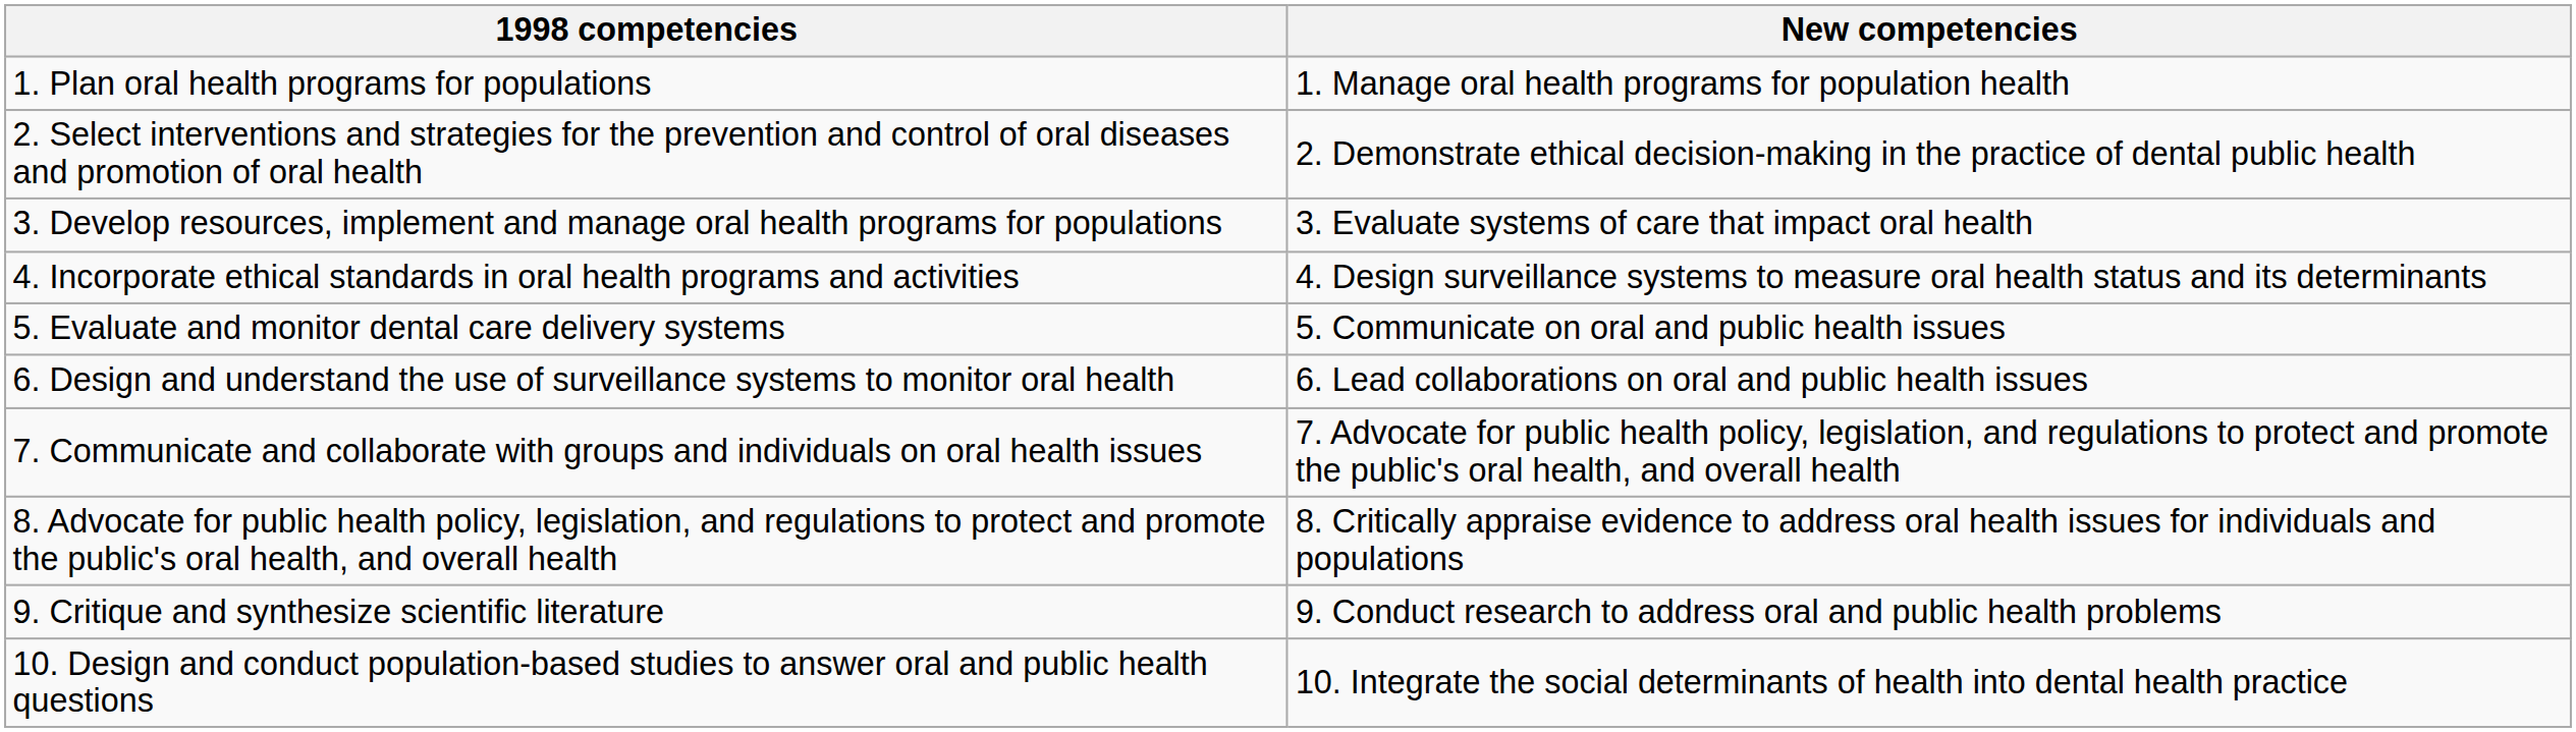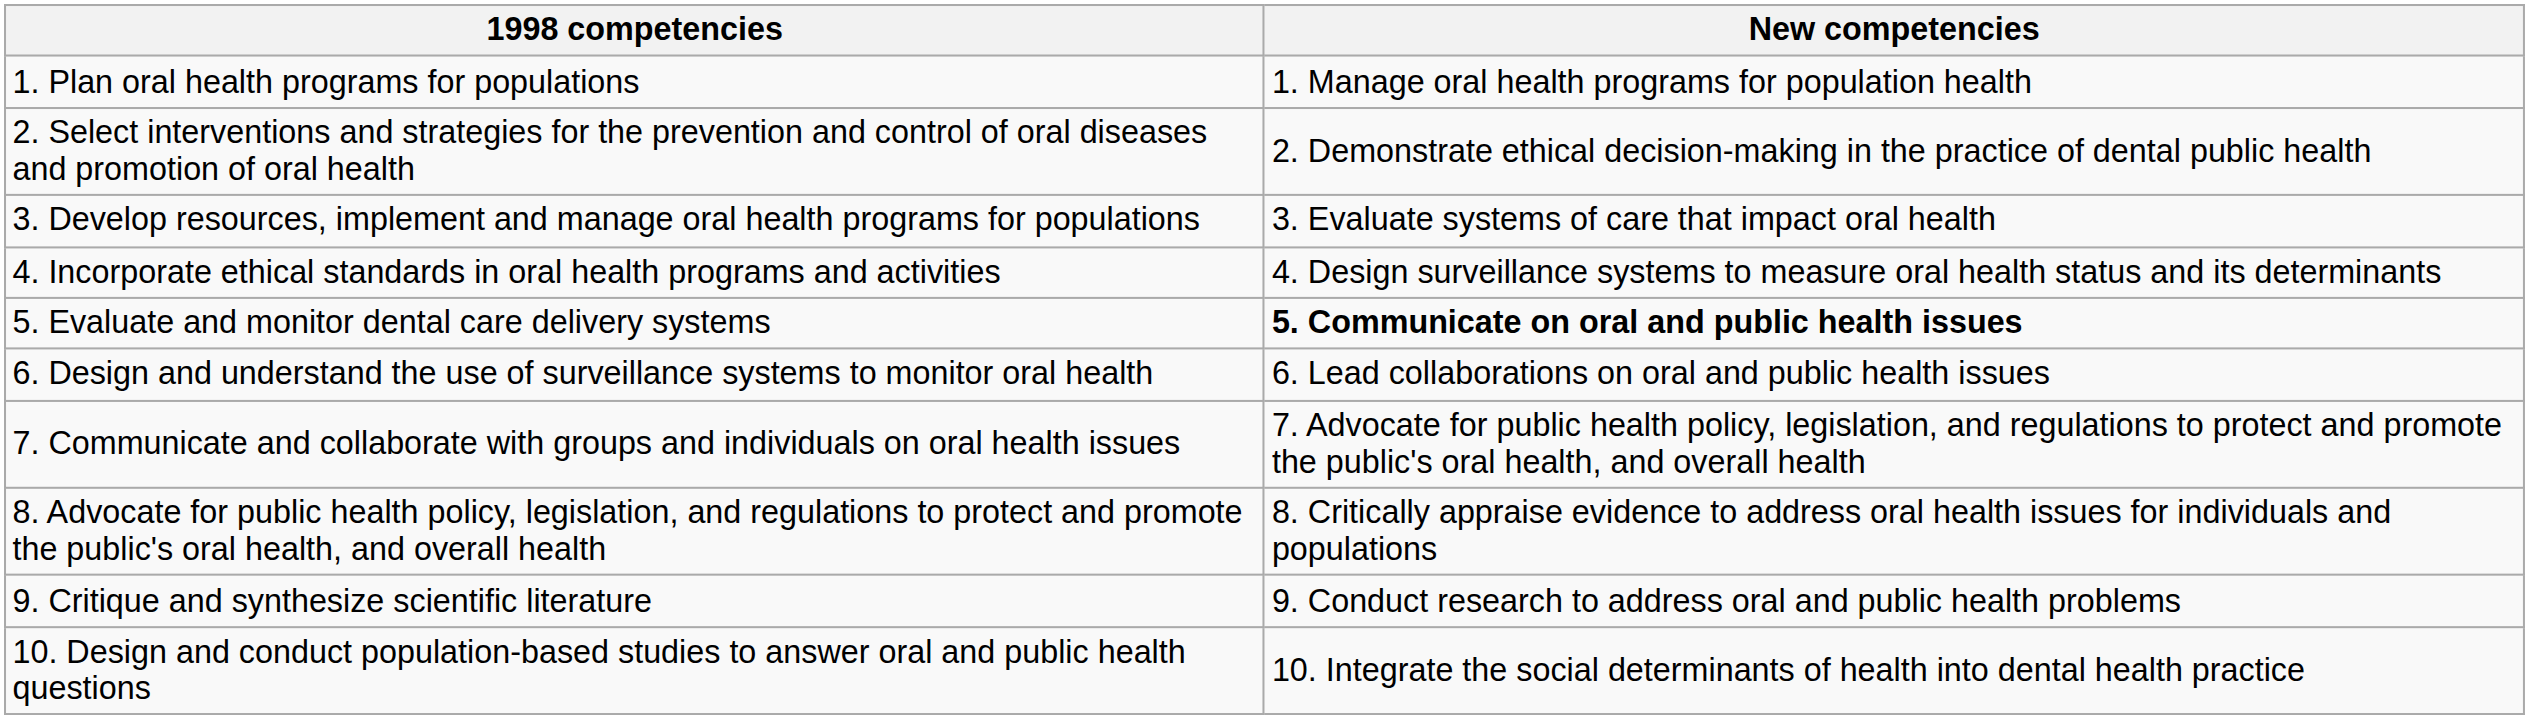 <table class="wikitable">
 <tr>
 <th>1998 competencies</th>
 <th>New competencies</th>
 </tr>
 <tr>
 <td>1.   Plan oral health programs for populations</td>
 <td>1.   Manage oral health programs for population health</td>
 </tr>
 <tr>
 <td>2.   Select interventions and strategies for the prevention and control of oral diseases and promotion of oral health</td>
 <td>2.   Demonstrate ethical decision-making in the practice of dental public health</td>
 </tr>
 <tr>
 <td>3.   Develop resources, implement and manage oral health programs for populations</td>
 <td>3.  Evaluate systems of care that impact oral health</td>
 </tr>
 <tr>
 <td>4.   Incorporate ethical standards in oral health programs and activities</td>
 <td>4.   Design surveillance systems to measure oral health status and its determinants</td>
 </tr>
 <tr>
 <td>5.   Evaluate and monitor dental care delivery systems</td>
-<td>5.   Communicate on oral and public health issues</td>
+<td><strong>5.   Communicate on oral and public health issues</strong></td>
 </tr>
 <tr>
 <td>6.   Design and understand the use of surveillance systems to monitor oral health</td>
 <td>6.   Lead collaborations on oral and public health issues</td>
 </tr>
 <tr>
 <td>7.   Communicate and collaborate with groups and individuals on oral health issues</td>
 <td>7.   Advocate for public health policy, legislation, and regulations to protect and promote the public's oral health, and overall health</td>
 </tr>
 <tr>
 <td>8.    Advocate for public health policy, legislation, and regulations to protect and promote the public's oral health, and overall health</td>
 <td>8.   Critically appraise evidence to address oral health issues for individuals and populations</td>
 </tr>
 <tr>
 <td>9.   Critique and synthesize scientific literature</td>
 <td>9.   Conduct research to address oral and public health problems</td>
 </tr>
 <tr>
 <td>10.   Design and conduct population-based studies to answer oral and public health questions</td>
 <td>10.   Integrate the social determinants of health into dental health practice</td>
 </tr>
 </table>
